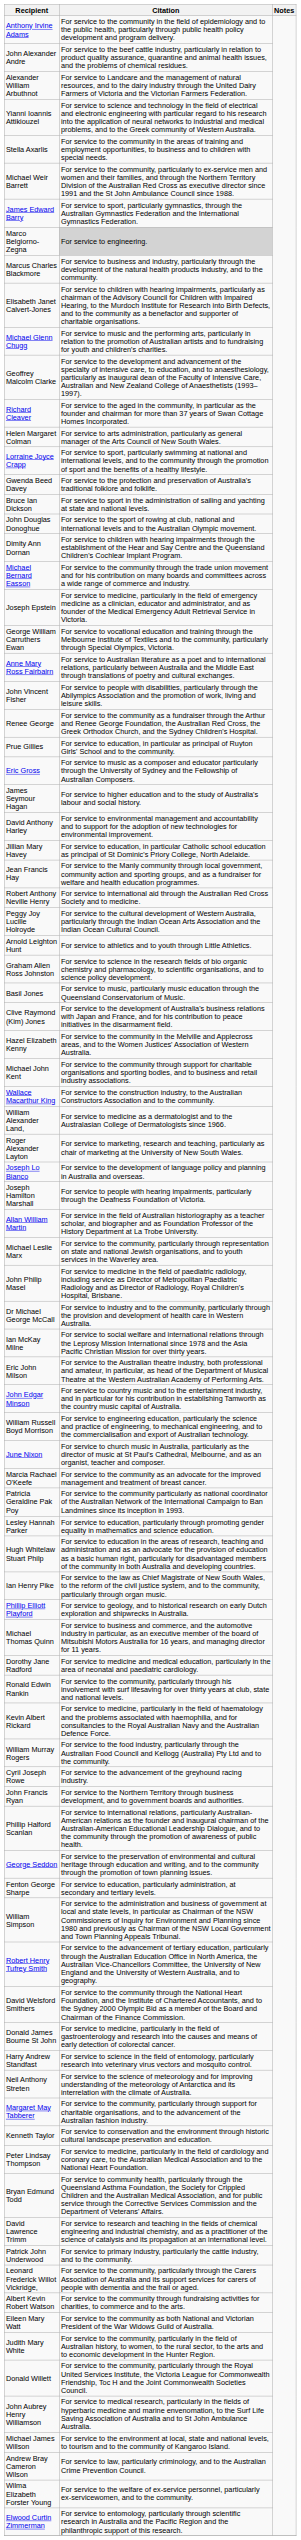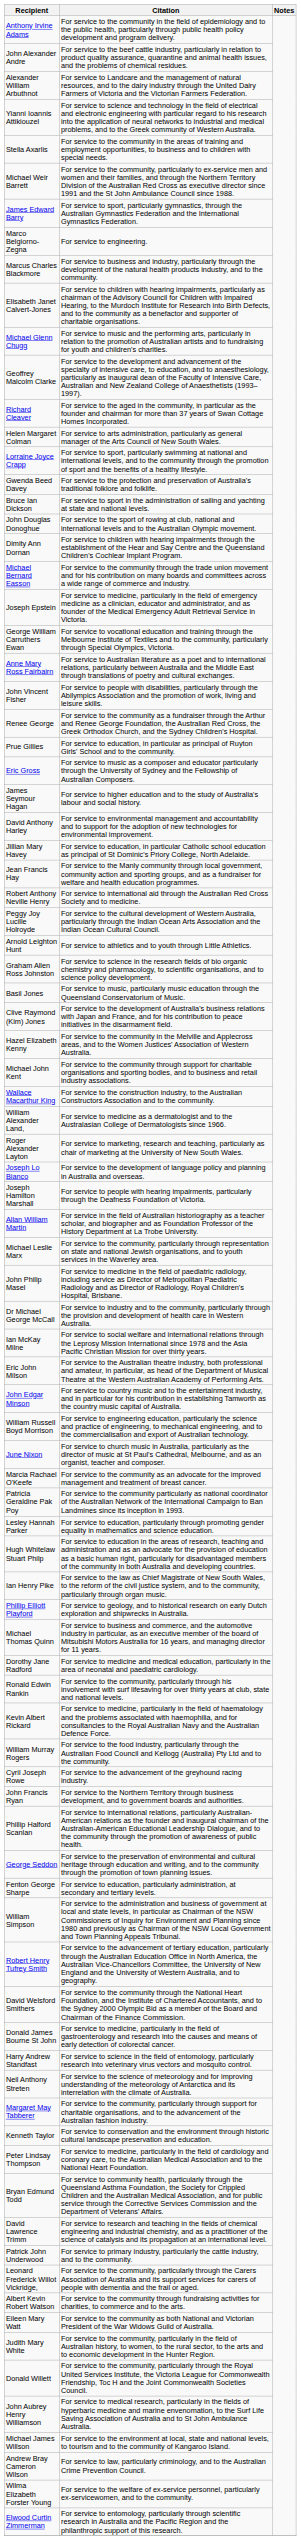 <table class="wikitable" style="font-size:95%;">
 <tr>
 <th>Recipient</th>
 <th>Citation</th>
 <th>Notes</th>
 </tr>
 <tr>
 <td> <a href='#'>Anthony Irvine Adams</a></td>
 <td>For service to the community in the field of epidemiology and to the public health, particularly through public health policy development and program delivery.</td>
 <td rowspan=91></td>
 </tr>
 <tr>
 <td>John Alexander Andre</td>
 <td>For service to the beef cattle industry, particularly in relation to product quality assurance, quarantine and animal health issues, and the problems of chemical residues.</td>
 </tr>
 <tr>
 <td>Alexander William Arbuthnot</td>
 <td>For service to Landcare and the management of natural resources, and to the dairy industry through the United Dairy Farmers of Victoria and the Victorian Farmers Federation.</td>
 </tr>
 <tr>
 <td> Yianni Ioannis Attikiouzel</td>
 <td>For service to science and technology in the field of electrical and electronic engineering with particular regard to his research into the application of neural networks to industrial and medical problems, and to the Greek community of Western Australia.</td>
 </tr>
 <tr>
 <td>Stella Axarlis</td>
 <td>For service to the community in the areas of training and employment opportunities, to business and to children with special needs.</td>
 </tr>
 <tr>
 <td>Michael Weir Barrett</td>
 <td>For service to the community, particularly to ex-service men and women and their families, and through the Northern Territory Division of the Australian Red Cross as executive director since 1991 and the St John Ambulance Council since 1988.</td>
 </tr>
 <tr>
 <td><a href='#'>James Edward Barry</a> </td>
 <td>For service to sport, particularly gymnastics, through the Australian Gymnastics Federation and the International Gymnastics Federation.</td>
 </tr>
 <tr>
 <td>Marco Belgiorno-Zegna</td>
-<td style="background: lightgrey;">For service to engineering.</td>
+<td>For service to engineering.</td>
 </tr>
 <tr>
 <td>Marcus Charles Blackmore</td>
 <td>For service to business and industry, particularly through the development of the natural health products industry, and to the community.</td>
 </tr>
 <tr>
 <td>Elisabeth Janet Calvert-Jones</td>
 <td>For service to children with hearing impairments, particularly as chairman of the Advisory Council for Children with Impaired Hearing, to the Murdoch Institute for Research into Birth Defects, and to the community as a benefactor and supporter of charitable organisations.</td>
 </tr>
 <tr>
 <td><a href='#'>Michael Glenn Chugg</a></td>
 <td>For service to music and the performing arts, particularly in relation to the promotion of Australian artists and to fundraising for youth and children's charities.</td>
 </tr>
 <tr>
 <td> Geoffrey Malcolm Clarke</td>
 <td>For service to the development and advancement of the specialty of intensive care, to education, and to anaesthesiology, particularly as inaugural dean of the Faculty of Intensive Care, Australian and New Zealand College of Anaesthetists (1993–1997).</td>
 </tr>
 <tr>
 <td><a href='#'>Richard Cleaver</a> </td>
 <td>For service to the aged in the community, in particular as the founder and chairman for more than 37 years of Swan Cottage Homes Incorporated.</td>
 </tr>
 <tr>
 <td>Helen Margaret Colman</td>
 <td>For service to arts administration, particularly as general manager of the Arts Council of New South Wales.</td>
 </tr>
 <tr>
 <td><a href='#'>Lorraine Joyce Crapp</a></td>
 <td>For service to sport, particularly swimming at national and international levels, and to the community through the promotion of sport and the benefits of a healthy lifestyle.</td>
 </tr>
 <tr>
 <td> Gwenda Beed Davey</td>
 <td>For service to the protection and preservation of Australia's traditional folklore and folklife.</td>
 </tr>
 <tr>
 <td>Bruce Ian Dickson</td>
 <td>For service to sport in the administration of sailing and yachting at state and national levels.</td>
 </tr>
 <tr>
 <td>John Douglas Donoghue</td>
 <td>For service to the sport of rowing at club, national and international levels and to the Australian Olympic movement.</td>
 </tr>
 <tr>
 <td>Dimity Ann Dornan</td>
 <td>For service to children with hearing impairments through the establishment of the Hear and Say Centre and the Queensland Children's Cochlear Implant Program.</td>
 </tr>
 <tr>
 <td><a href='#'>Michael Bernard Easson</a></td>
 <td>For service to the community through the trade union movement and for his contribution on many boards and committees across a wide range of commerce and industry.</td>
 </tr>
 <tr>
 <td> Joseph Epstein</td>
 <td>For service to medicine, particularly in the field of emergency medicine as a clinician, educator and administrator, and as founder of the Medical Emergency Adult Retrieval Service in Victoria.</td>
 </tr>
 <tr>
 <td>George William Carruthers Ewan</td>
 <td>For service to vocational education and training through the Melbourne Institute of Textiles and to the community, particularly through Special Olympics, Victoria.</td>
 </tr>
 <tr>
 <td><a href='#'>Anne Mary Ross Fairbairn</a></td>
 <td>For service to Australian literature as a poet and to international relations, particularly between Australia and the Middle East through translations of poetry and cultural exchanges.</td>
 </tr>
 <tr>
 <td>John Vincent Fisher</td>
 <td>For service to people with disabilities, particularly through the Abilympics Association and the promotion of work, living and leisure skills.</td>
 </tr>
 <tr>
 <td> Renee George</td>
 <td>For service to the community as a fundraiser through the Arthur and Renee George Foundation, the Australian Red Cross, the Greek Orthodox Church, and the Sydney Children's Hospital.</td>
 </tr>
 <tr>
 <td>Prue Gillies</td>
 <td>For service to education, in particular as principal of Ruyton Girls' School and to the community.</td>
 </tr>
 <tr>
 <td> <a href='#'>Eric Gross</a></td>
 <td>For service to music as a composer and educator particularly through the University of Sydney and the Fellowship of Australian Composers.</td>
 </tr>
 <tr>
 <td> James Seymour Hagan</td>
 <td>For service to higher education and to the study of Australia's labour and social history.</td>
 </tr>
 <tr>
 <td>David Anthony Harley</td>
 <td>For service to environmental management and accountability and to support for the adoption of new technologies for environmental improvement.</td>
 </tr>
 <tr>
 <td> Jillian Mary Havey</td>
 <td>For service to education, in particular Catholic school education as principal of St Dominic's Priory College, North Adelaide.</td>
 </tr>
 <tr>
 <td>Jean Francis Hay</td>
 <td>For service to the Manly community through local government, community action and sporting groups, and as a fundraiser for welfare and health education programmes.</td>
 </tr>
 <tr>
 <td> Robert Anthony Neville Henry</td>
 <td>For service to international aid through the Australian Red Cross Society and to medicine.</td>
 </tr>
 <tr>
 <td>Peggy Joy Lucille Holroyde</td>
 <td>For service to the cultural development of Western Australia, particularly through the Indian Ocean Arts Association and the Indian Ocean Cultural Council.</td>
 </tr>
 <tr>
 <td> Arnold Leighton Hunt</td>
 <td>For service to athletics and to youth through Little Athletics.</td>
 </tr>
 <tr>
 <td> Graham Allen Ross Johnston</td>
 <td>For service to science in the research fields of bio organic chemistry and pharmacology, to scientific organisations, and to science policy development.</td>
 </tr>
 <tr>
 <td>Basil Jones</td>
 <td>For service to music, particularly music education through the Queensland Conservatorium of Music.</td>
 </tr>
 <tr>
 <td>Clive Raymond (Kim) Jones</td>
 <td>For service to the development of Australia's business relations with Japan and France, and for his contribution to peace initiatives in the disarmament field.</td>
 </tr>
 <tr>
 <td>Hazel Elizabeth Kenny</td>
 <td>For service to the community in the Melville and Applecross areas, and to the Women Justices' Association of Western Australia.</td>
 </tr>
 <tr>
 <td>Michael John Kent</td>
 <td>For service to the community through support for charitable organisations and sporting bodies, and to business and retail industry associations.</td>
 </tr>
 <tr>
 <td><a href='#'>Wallace Macarthur King</a></td>
 <td>For service to the construction industry, to the Australian Constructors Association and to the community.</td>
 </tr>
 <tr>
 <td> William Alexander Land, </td>
 <td>For service to medicine as a dermatologist and to the Australasian College of Dermatologists since 1966.</td>
 </tr>
 <tr>
 <td> Roger Alexander Layton</td>
 <td>For service to marketing, research and teaching, particularly as chair of marketing at the University of New South Wales.</td>
 </tr>
 <tr>
 <td><a href='#'>Joseph Lo Bianco</a></td>
 <td>For service to the development of language policy and planning in Australia and overseas.</td>
 </tr>
 <tr>
 <td>Joseph Hamilton Marshall</td>
 <td>For service to people with hearing impairments, particularly through the Deafness Foundation of Victoria.</td>
 </tr>
 <tr>
 <td> <a href='#'>Allan William Martin</a></td>
 <td>For service in the field of Australian historiography as a teacher scholar, and biographer and as Foundation Professor of the History Department at La Trobe University.</td>
 </tr>
 <tr>
 <td>Michael Leslie Marx</td>
 <td>For service to the community, particularly through representation on state and national Jewish organisations, and to youth services in the Waverley area.</td>
 </tr>
 <tr>
 <td> John Philip Masel</td>
 <td>For service to medicine in the field of paediatric radiology, including service as Director of Metropolitan Paediatric Radiology and as Director of Radiology, Royal Children's Hospital, Brisbane.</td>
 </tr>
 <tr>
 <td>Dr Michael George McCall</td>
 <td>For service to industry and to the community, particularly through the provision and development of health care in Western Australia.</td>
 </tr>
 <tr>
 <td>Ian McKay Milne</td>
 <td>For service to social welfare and international relations through the Leprosy Mission International since 1978 and the Asia Pacific Christian Mission for over thirty years.</td>
 </tr>
 <tr>
 <td>Eric John Milson</td>
 <td>For service to the Australian theatre industry, both professional and amateur, in particular, as head of the Department of Musical Theatre at the Western Australian Academy of Performing Arts.</td>
 </tr>
 <tr>
 <td><a href='#'>John Edgar Minson</a></td>
 <td>For service to country music and to the entertainment industry, and in particular for his contribution in establishing Tamworth as the country music capital of Australia.</td>
 </tr>
 <tr>
 <td> William Russell Boyd Morrison</td>
 <td>For service to engineering education, particularly the science and practice of engineering, to mechanical engineering, and to the commercialisation and export of Australian technology.</td>
 </tr>
 <tr>
 <td><a href='#'>June Nixon</a></td>
 <td>For service to church music in Australia, particularly as the director of music at St Paul's Cathedral, Melbourne, and as an organist, teacher and composer.</td>
 </tr>
 <tr>
 <td> Marcia Rachael O'Keefe</td>
 <td>For service to the community as an advocate for the improved management and treatment of breast cancer.</td>
 </tr>
 <tr>
 <td> Patricia Geraldine Pak Poy</td>
 <td>For service to the community particularly as national coordinator of the Australian Network of the International Campaign to Ban Landmines since its inception in 1993.</td>
 </tr>
 <tr>
 <td> Lesley Hannah Parker</td>
 <td>For service to education, particularly through promoting gender equality in mathematics and science education.</td>
 </tr>
 <tr>
 <td> Hugh Whitelaw Stuart Philp</td>
 <td>For service to education in the areas of research, teaching and administration and as an advocate for the provision of education as a basic human right, particularly for disadvantaged members of the community in both Australia and developing countries.</td>
 </tr>
 <tr>
 <td>Ian Henry Pike</td>
 <td>For service to the law as Chief Magistrate of New South Wales, to the reform of the civil justice system, and to the community, particularly through organ music.</td>
 </tr>
 <tr>
 <td><a href='#'>Phillip Elliott Playford</a></td>
 <td>For service to geology, and to historical research on early Dutch exploration and shipwrecks in Australia.</td>
 </tr>
 <tr>
 <td>Michael Thomas Quinn</td>
 <td>For service to business and commerce, and the automotive industry in particular, as an executive member of the board of Mitsubishi Motors Australia for 16 years, and managing director for 11 years.</td>
 </tr>
 <tr>
 <td> Dorothy Jane Radford</td>
 <td>For service to medicine and medical education, particularly in the area of neonatal and paediatric cardiology.</td>
 </tr>
 <tr>
 <td>Ronald Edwin Rankin</td>
 <td>For service to the community, particularly through his involvement with surf lifesaving for over thirty years at club, state and national levels.</td>
 </tr>
 <tr>
 <td> Kevin Albert Rickard </td>
 <td>For service to medicine, particularly in the field of haematology and the problems associated with haemophilia, and for consultancies to the Royal Australian Navy and the Australian Defence Force.</td>
 </tr>
 <tr>
 <td>William Murray Rogers</td>
 <td>For service to the food industry, particularly through the Australian Food Council and Kellogg (Australia) Pty Ltd and to the community.</td>
 </tr>
 <tr>
 <td>Cyril Joseph Rowe</td>
 <td>For service to the advancement of the greyhound racing industry.</td>
 </tr>
 <tr>
 <td>John Francis Ryan</td>
 <td>For service to the Northern Territory through business development, and to government boards and authorities.</td>
 </tr>
 <tr>
 <td>Phillip Halford Scanlan</td>
 <td>For service to international relations, particularly Australian-American relations as the founder and inaugural chairman of the Australian-American Educational Leadership Dialogue, and to the community through the promotion of awareness of public health.</td>
 </tr>
 <tr>
 <td> <a href='#'>George Seddon</a></td>
 <td>For service to the preservation of environmental and cultural heritage through education and writing, and to the community through the promotion of town planning issues.</td>
 </tr>
 <tr>
 <td> Fenton George Sharpe</td>
 <td>For service to education, particularly administration, at secondary and tertiary levels.</td>
 </tr>
 <tr>
 <td>William Simpson</td>
 <td>For service to the administration and business of government at local and state levels, in particular as Chairman of the NSW Commissioners of Inquiry for Environment and Planning since 1980 and previously as Chairman of the NSW Local Government and Town Planning Appeals Tribunal.</td>
 </tr>
 <tr>
 <td> <a href='#'>Robert Henry Tufrey Smith</a></td>
 <td>For service to the advancement of tertiary education, particularly through the Australian Education Office in North America, the Australian Vice-Chancellors Committee, the University of New England and the University of Western Australia, and to geography.</td>
 </tr>
 <tr>
 <td>David Welsford Smithers</td>
 <td>For service to the community through the National Heart Foundation, and the Institute of Chartered Accountants, and to the Sydney 2000 Olympic Bid as a member of the Board and Chairman of the Finance Commission.</td>
 </tr>
 <tr>
 <td> Donald James Bourne St John</td>
 <td>For service to medicine, particularly in the field of gastroenterology and research into the causes and means of early detection of colorectal cancer.</td>
 </tr>
 <tr>
 <td>Harry Andrew Standfast</td>
 <td>For service to science in the field of entomology, particularly research into veterinary virus vectors and mosquito control.</td>
 </tr>
 <tr>
 <td> Neil Anthony Streten</td>
 <td>For service to the science of meteorology and for improving understanding of the meteorology of Antarctica and its interrelation with the climate of Australia.</td>
 </tr>
 <tr>
 <td><a href='#'>Margaret May Tabberer</a></td>
 <td>For service to the community, particularly through support for charitable organisations, and to the advancement of the Australian fashion industry.</td>
 </tr>
 <tr>
 <td> Kenneth Taylor</td>
 <td>For service to conservation and the environment through historic cultural landscape preservation and education.</td>
 </tr>
 <tr>
 <td> Peter Lindsay Thompson</td>
 <td>For service to medicine, particularly in the field of cardiology and coronary care, to the Australian Medical Association and to the National Heart Foundation.</td>
 </tr>
 <tr>
 <td> Bryan Edmund Todd </td>
 <td>For service to community health, particularly through the Queensland Asthma Foundation, the Society for Crippled Children and the Australian Medical Association, and for public service through the Corrective Services Commission and the Department of Veterans' Affairs.</td>
 </tr>
 <tr>
 <td> David Lawrence Trimm</td>
 <td>For service to research and teaching in the fields of chemical engineering and industrial chemistry, and as a practitioner of the science of catalysis and its propagation at an international level.</td>
 </tr>
 <tr>
 <td>Patrick John Underwood</td>
 <td>For service to primary industry, particularly the cattle industry, and to the community.</td>
 </tr>
 <tr>
 <td>Leonard Frederick Willot Vickridge, </td>
 <td>For service to the community, particularly through the Carers Association of Australia and its support services for carers of people with dementia and the frail or aged.</td>
 </tr>
 <tr>
 <td>Albert Kevin Robert Watson</td>
 <td>For service to the community through fundraising activities for charities, to commerce and to the arts.</td>
 </tr>
 <tr>
 <td>Eileen Mary Watt</td>
 <td>For service to the community as both National and Victorian President of the War Widows Guild of Australia.</td>
 </tr>
 <tr>
 <td>Judith Mary White</td>
 <td>For service to the community, particularly in the field of Australian history, to women, to the rural sector, to the arts and to economic development in the Hunter Region.</td>
 </tr>
 <tr>
 <td> Donald Willett</td>
 <td>For service to the community, particularly through the Royal United Services Institute, the Victoria League for Commonwealth Friendship, Toc H and the Joint Commonwealth Societies Council.</td>
 </tr>
 <tr>
 <td> John Aubrey Henry Williamson</td>
 <td>For service to medical research, particularly in the fields of hyperbaric medicine and marine envenomation, to the Surf Life Saving Association of Australia and to St John Ambulance Australia.</td>
 </tr>
 <tr>
 <td>Michael James Willson</td>
 <td>For service to the environment at local, state and national levels, to tourism and to the community of Kangaroo Island.</td>
 </tr>
 <tr>
 <td> Andrew Bray Cameron Wilson</td>
 <td>For service to law, particularly criminology, and to the Australian Crime Prevention Council.</td>
 </tr>
 <tr>
 <td>Wilma Elizabeth Forster Young</td>
 <td>For service to the welfare of ex-service personnel, particularly ex-servicewomen, and to the community.</td>
 </tr>
 <tr>
 <td> <a href='#'>Elwood Curtin Zimmerman</a></td>
 <td>For service to entomology, particularly through scientific research in Australia and the Pacific Region and the philanthropic support of this research.</td>
 </tr>
 <tr>
 </tr>
 </table>
